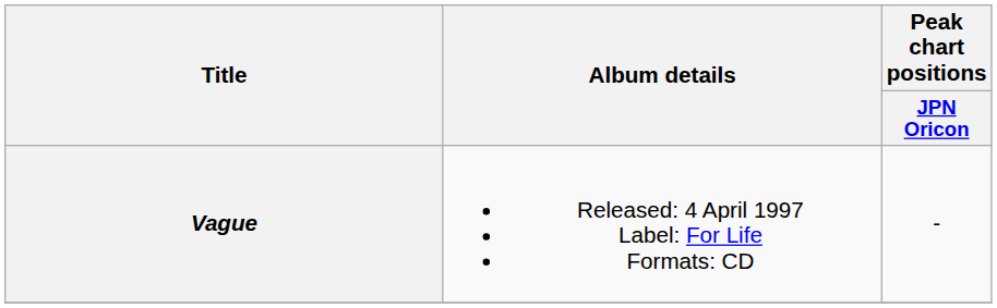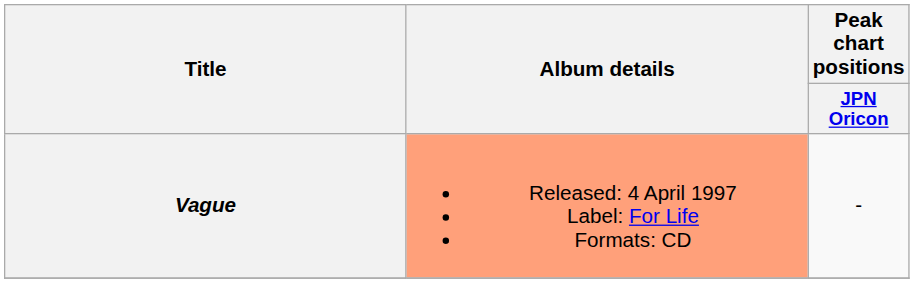 <table class="wikitable plainrowheaders" style="text-align:center;">
 <tr>
 <th scope="col" rowspan="2" style="width:19em;">Title</th>
 <th scope="col" rowspan="2" style="width:19em;">Album details</th>
 <th scope="col">Peak chart positions</th>
 </tr>
 <tr>
 <th scope="col" style="width:2.9em;font-size:90%;"><a href='#'>JPN<br>Oricon</a><br></th>
 </tr>
 <tr>
 <th scope="row"><em>Vague</em></th>
-<td><br><ul><li>Released: 4 April 1997</li><li>Label: <a href='#'>For Life</a></li><li>Formats: CD</li></ul></td>
+<td style="background: lightsalmon;"><br><ul><li>Released: 4 April 1997</li><li>Label: <a href='#'>For Life</a></li><li>Formats: CD</li></ul></td>
 <td>-</td>
 </tr>
 <tr>
 </tr>
 </table>
